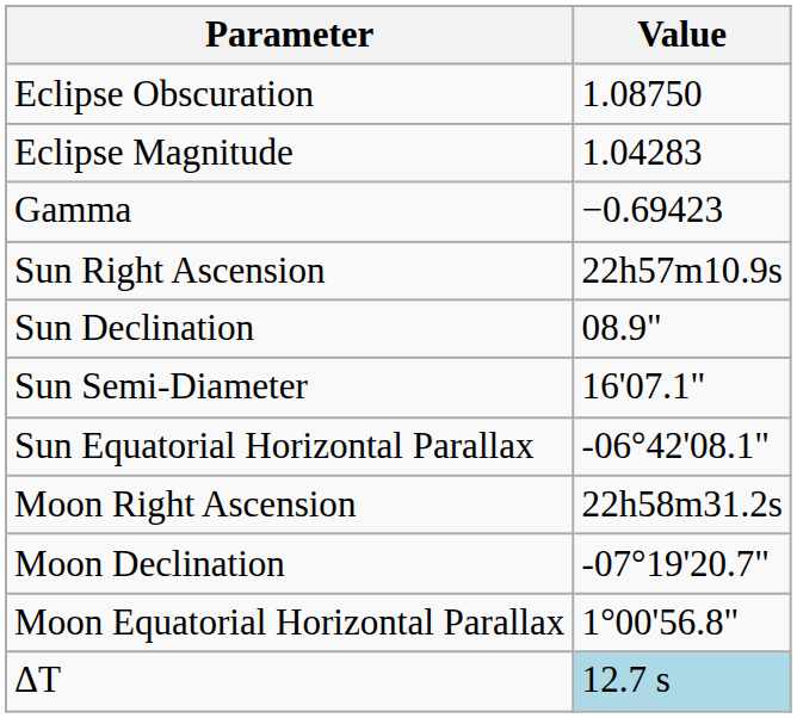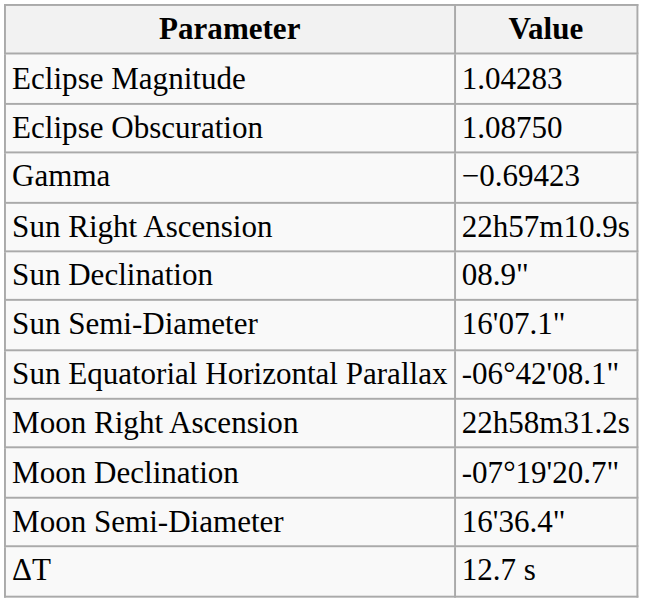 <table class="wikitable">
 <tr>
 <th>Parameter</th>
 <th>Value</th>
 </tr>
 <tr>
+<td>Eclipse Magnitude</td>
+<td>1.04283</td>
+</tr>
+<tr>
 <td>Eclipse Obscuration</td>
 <td>1.08750</td>
-</tr>
-<tr>
-<td>Eclipse Magnitude</td>
-<td>1.04283</td>
 </tr>
 <tr>
 <td>Gamma</td>
 <td>−0.69423</td>
 </tr>
 <tr>
 <td>Sun Right Ascension</td>
 <td>22h57m10.9s</td>
 </tr>
 <tr>
 <td>Sun Declination</td>
 <td>08.9"</td>
 </tr>
 <tr>
 <td>Sun Semi-Diameter</td>
 <td>16'07.1"</td>
 </tr>
 <tr>
 <td>Sun Equatorial Horizontal Parallax</td>
 <td>-06°42'08.1"</td>
 </tr>
 <tr>
 <td>Moon Right Ascension</td>
 <td>22h58m31.2s</td>
 </tr>
 <tr>
 <td>Moon Declination</td>
 <td>-07°19'20.7"</td>
 </tr>
 <tr>
-<td>Moon Equatorial Horizontal Parallax</td>
-<td>1°00'56.8"</td>
+<td>Moon Semi-Diameter</td>
+<td>16'36.4"</td>
 </tr>
 <tr>
 <td>ΔT</td>
-<td style="background: lightblue;">12.7 s</td>
+<td>12.7 s</td>
 </tr>
 </table>
